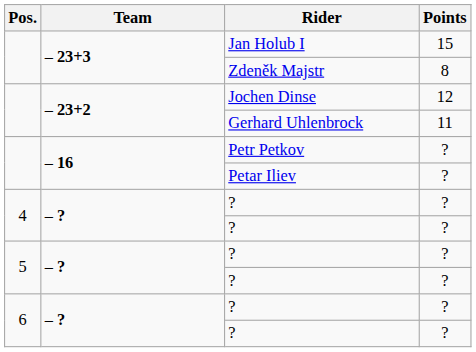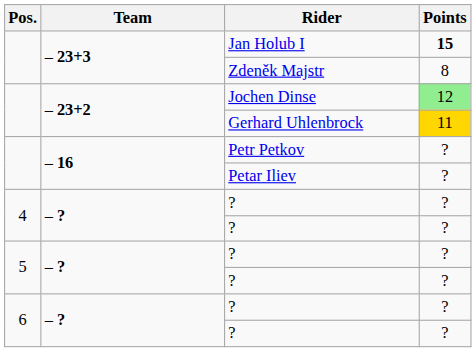 <table class=wikitable style="font-size:93%;">
 <tr>
 <th width=25px>Pos.</th>
 <th width=160px>Team</th>
 <th width=170px>Rider</th>
 <th width=40px>Points</th>
 </tr>
 <tr align=center >
 <td rowspan=2 ></td>
 <td rowspan=2 align=left> – <strong>23+3</strong></td>
 <td align=left><a href='#'>Jan Holub I</a></td>
-<td>15</td>
+<td><strong>15</strong></td>
 </tr>
 <tr align=center >
 <td align=left><a href='#'>Zdeněk Majstr</a></td>
 <td>8</td>
 </tr>
 <tr align=center >
 <td rowspan=2 ></td>
 <td rowspan=2 align=left> – <strong>23+2</strong></td>
 <td align=left><a href='#'>Jochen Dinse</a></td>
-<td>12</td>
+<td style="background: lightgreen;">12</td>
 </tr>
 <tr align=center >
 <td align=left><a href='#'>Gerhard Uhlenbrock</a></td>
-<td>11</td>
+<td style="background: gold;">11</td>
 </tr>
 <tr align=center >
 <td rowspan=2 ></td>
 <td rowspan=2 align=left> – <strong>16</strong></td>
 <td align=left><a href='#'>Petr Petkov</a></td>
 <td>?</td>
 </tr>
 <tr align=center >
 <td align=left><a href='#'>Petar Iliev</a></td>
 <td>?</td>
 </tr>
 <tr align=center>
 <td rowspan=2>4</td>
 <td rowspan=2 align=left> – <strong>?</strong></td>
 <td align=left>?</td>
 <td>?</td>
 </tr>
 <tr align=center>
 <td align=left>?</td>
 <td>?</td>
 </tr>
 <tr align=center>
 <td rowspan=2>5</td>
 <td rowspan=2 align=left> – <strong>?</strong></td>
 <td align=left>?</td>
 <td>?</td>
 </tr>
 <tr align=center>
 <td align=left>?</td>
 <td>?</td>
 </tr>
 <tr align=center>
 <td rowspan=2>6</td>
 <td rowspan=2 align=left> – <strong>?</strong></td>
 <td align=left>?</td>
 <td>?</td>
 </tr>
 <tr align=center>
 <td align=left>?</td>
 <td>?</td>
 </tr>
 </table>
